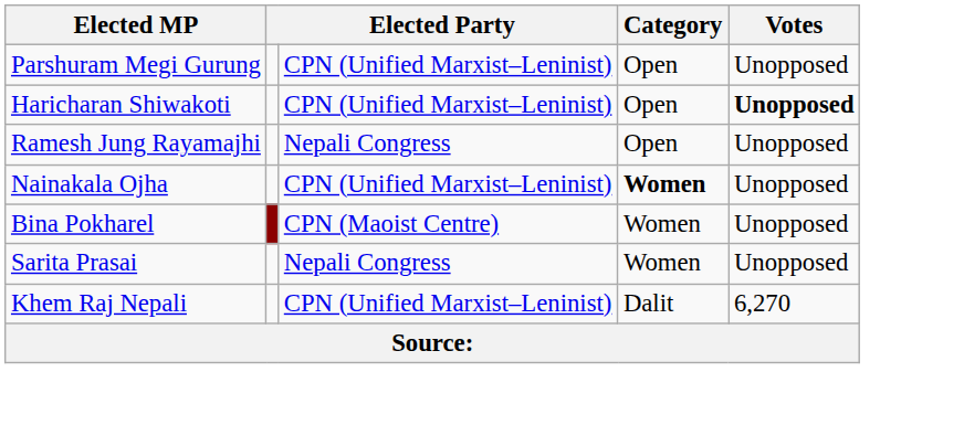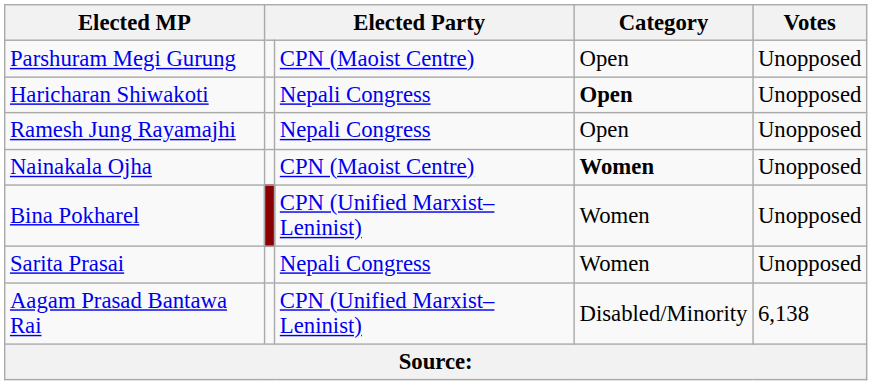 <table class="wikitable sortable">
 <tr>
 <th>Elected MP</th>
 <th colspan="2">Elected Party</th>
 <th>Category</th>
 <th>Votes</th>
 </tr>
 <tr>
 <td><a href='#'>Parshuram Megi Gurung</a></td>
 <td></td>
-<td><a href='#'>CPN (Unified Marxist–Leninist)</a></td>
+<td><a href='#'>CPN (Maoist Centre)</a></td>
 <td>Open</td>
 <td>Unopposed</td>
 </tr>
 <tr>
 <td><a href='#'>Haricharan Shiwakoti</a></td>
 <td></td>
-<td><a href='#'>CPN (Unified Marxist–Leninist)</a></td>
-<td>Open</td>
-<td><strong>Unopposed</strong></td>
+<td><a href='#'>Nepali Congress</a></td>
+<td><strong>Open</strong></td>
+<td>Unopposed</td>
 </tr>
 <tr>
 <td><a href='#'>Ramesh Jung Rayamajhi</a></td>
 <td></td>
 <td><a href='#'>Nepali Congress</a></td>
 <td>Open</td>
 <td>Unopposed</td>
 </tr>
 <tr>
 <td><a href='#'>Nainakala Ojha</a></td>
 <td></td>
-<td><a href='#'>CPN (Unified Marxist–Leninist)</a></td>
+<td><a href='#'>CPN (Maoist Centre)</a></td>
 <td><strong>Women</strong></td>
 <td>Unopposed</td>
 </tr>
 <tr>
 <td><a href='#'>Bina Pokharel</a></td>
 <td bgcolor="8B0000"></td>
-<td><a href='#'>CPN (Maoist Centre)</a></td>
+<td><a href='#'>CPN (Unified Marxist–Leninist)</a></td>
 <td>Women</td>
 <td>Unopposed</td>
 </tr>
 <tr>
 <td><a href='#'>Sarita Prasai</a></td>
 <td></td>
 <td><a href='#'>Nepali Congress</a></td>
 <td>Women</td>
 <td>Unopposed</td>
 </tr>
 <tr>
-<td><a href='#'>Khem Raj Nepali</a></td>
+<td><a href='#'>Aagam Prasad Bantawa Rai</a></td>
 <td></td>
 <td><a href='#'>CPN (Unified Marxist–Leninist)</a></td>
-<td>Dalit</td>
-<td>6,270</td>
+<td>Disabled/Minority</td>
+<td>6,138</td>
 </tr>
 <tr>
 <th colspan="5">Source: </th>
 </tr>
 </table>
